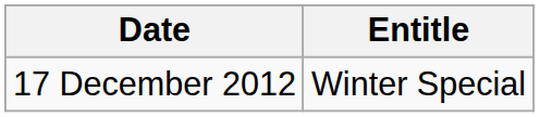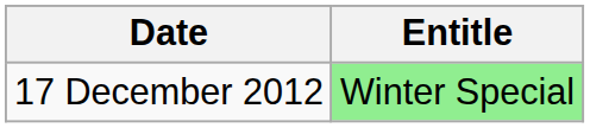 <table class="wikitable" style="text-align:center;">
 <tr>
 <th>Date</th>
 <th>Entitle</th>
 </tr>
 <tr>
 <td>17 December 2012</td>
-<td>Winter Special</td>
+<td style="background: lightgreen;">Winter Special</td>
 </tr>
 </table>
